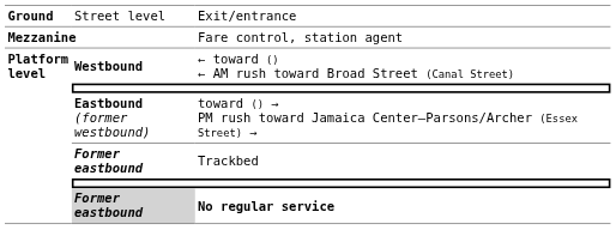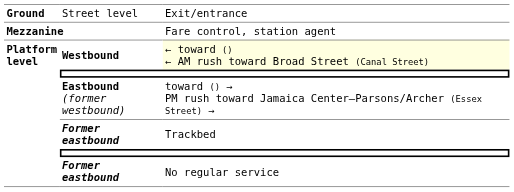 <table border=0 cellspacing=0 cellpadding=3>
 <tr>
 <td style="border-top:solid 1px gray;border-bottom:solid 1px gray;" width=50><strong>Ground</strong></td>
 <td style="border-top:solid 1px gray;border-bottom:solid 1px gray;" width=125>Street level</td>
 <td style="border-top:solid 1px gray;border-bottom:solid 1px gray;" width=450>Exit/entrance</td>
 </tr>
 <tr>
 <td colspan=2><strong>Mezzanine</strong></td>
 <td>Fare control, station agent</td>
 </tr>
 <tr>
 <td style="border-top:solid 1px gray;border-bottom:solid 1px gray;" rowspan=6 valign=top><strong>Platform level</strong></td>
 <td style="border-top:solid 1px gray;"><span><strong>Westbound</strong></span></td>
-<td style="border-top:solid 1px gray;">←  toward  <small>()</small><br>←  AM rush toward Broad Street <small>(Canal Street)</small></td>
+<td style="background: lightyellow; border-top:solid 1px gray;">←  toward  <small>()</small><br>←  AM rush toward Broad Street <small>(Canal Street)</small></td>
 </tr>
 <tr>
 <td style="border-top:solid 2px black;border-right:solid 2px black;border-left:solid 2px black;border-bottom:solid 2px black;text-align:center;" colspan=2></td>
 </tr>
 <tr>
 <td style="border-bottom:solid 1px gray;"><span><strong>Eastbound</strong></span><br><em>(former westbound)</em></td>
 <td style="border-bottom:solid 1px gray;">  toward  <small>()</small> →<br>  PM rush toward Jamaica Center–Parsons/Archer <small>(Essex Street)</small> →</td>
 </tr>
 <tr>
 <td><strong><em>Former eastbound</em></strong></td>
 <td> Trackbed</td>
 </tr>
 <tr>
 <td style="border-top:solid 2px black;border-right:solid 2px black;border-left:solid 2px black;border-bottom:solid 2px black;text-align:center;" colspan=2></td>
 </tr>
 <tr>
-<td style="background: lightgrey; border-bottom:solid 1px gray;"><strong><em>Former eastbound</em></strong></td>
-<td style="border-bottom:solid 1px gray;"><strong> No regular service</strong></td>
+<td style="border-bottom:solid 1px gray;"><strong><em>Former eastbound</em></strong></td>
+<td style="border-bottom:solid 1px gray;"> No regular service</td>
 </tr>
 </table>
